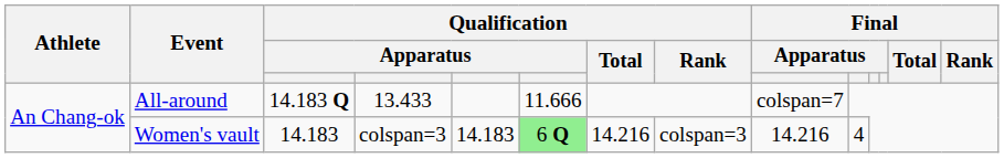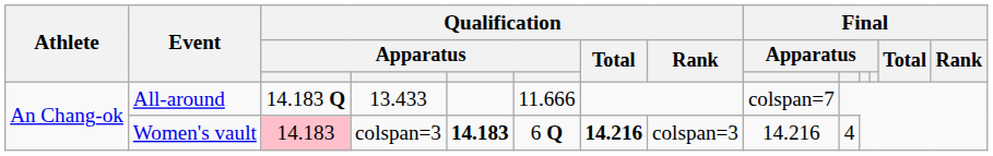 <table class="wikitable" style="font-size:90%">
 <tr>
 <th rowspan=3>Athlete</th>
 <th rowspan=3>Event</th>
 <th colspan=6>Qualification</th>
 <th colspan=6>Final</th>
 </tr>
 <tr style=font-size:95%>
 <th colspan=4>Apparatus</th>
 <th rowspan=2>Total</th>
 <th rowspan=2>Rank</th>
 <th colspan=4>Apparatus</th>
 <th rowspan=2>Total</th>
 <th rowspan=2>Rank</th>
 </tr>
 <tr style=font-size:95%>
 <th></th>
 <th></th>
 <th></th>
 <th></th>
 <th></th>
 <th></th>
 <th></th>
 <th></th>
 </tr>
 <tr align=center>
 <td align=left rowspan=2><a href='#'>An Chang-ok</a></td>
 <td align=left><a href='#'>All-around</a></td>
 <td>14.183 <strong>Q</strong></td>
 <td>13.433</td>
 <td></td>
 <td>11.666</td>
 <td colspan=2></td>
 <td>colspan=7 </td>
 </tr>
 <tr align=center>
 <td align=left><a href='#'>Women's vault</a></td>
-<td>14.183</td>
+<td style="background: pink;">14.183</td>
 <td>colspan=3 </td>
-<td>14.183</td>
-<td style="background: lightgreen;">6 <strong>Q</strong></td>
-<td>14.216</td>
+<td><strong>14.183</strong></td>
+<td>6 <strong>Q</strong></td>
+<td><strong>14.216</strong></td>
 <td>colspan=3 </td>
 <td>14.216</td>
 <td>4</td>
 </tr>
 </table>
